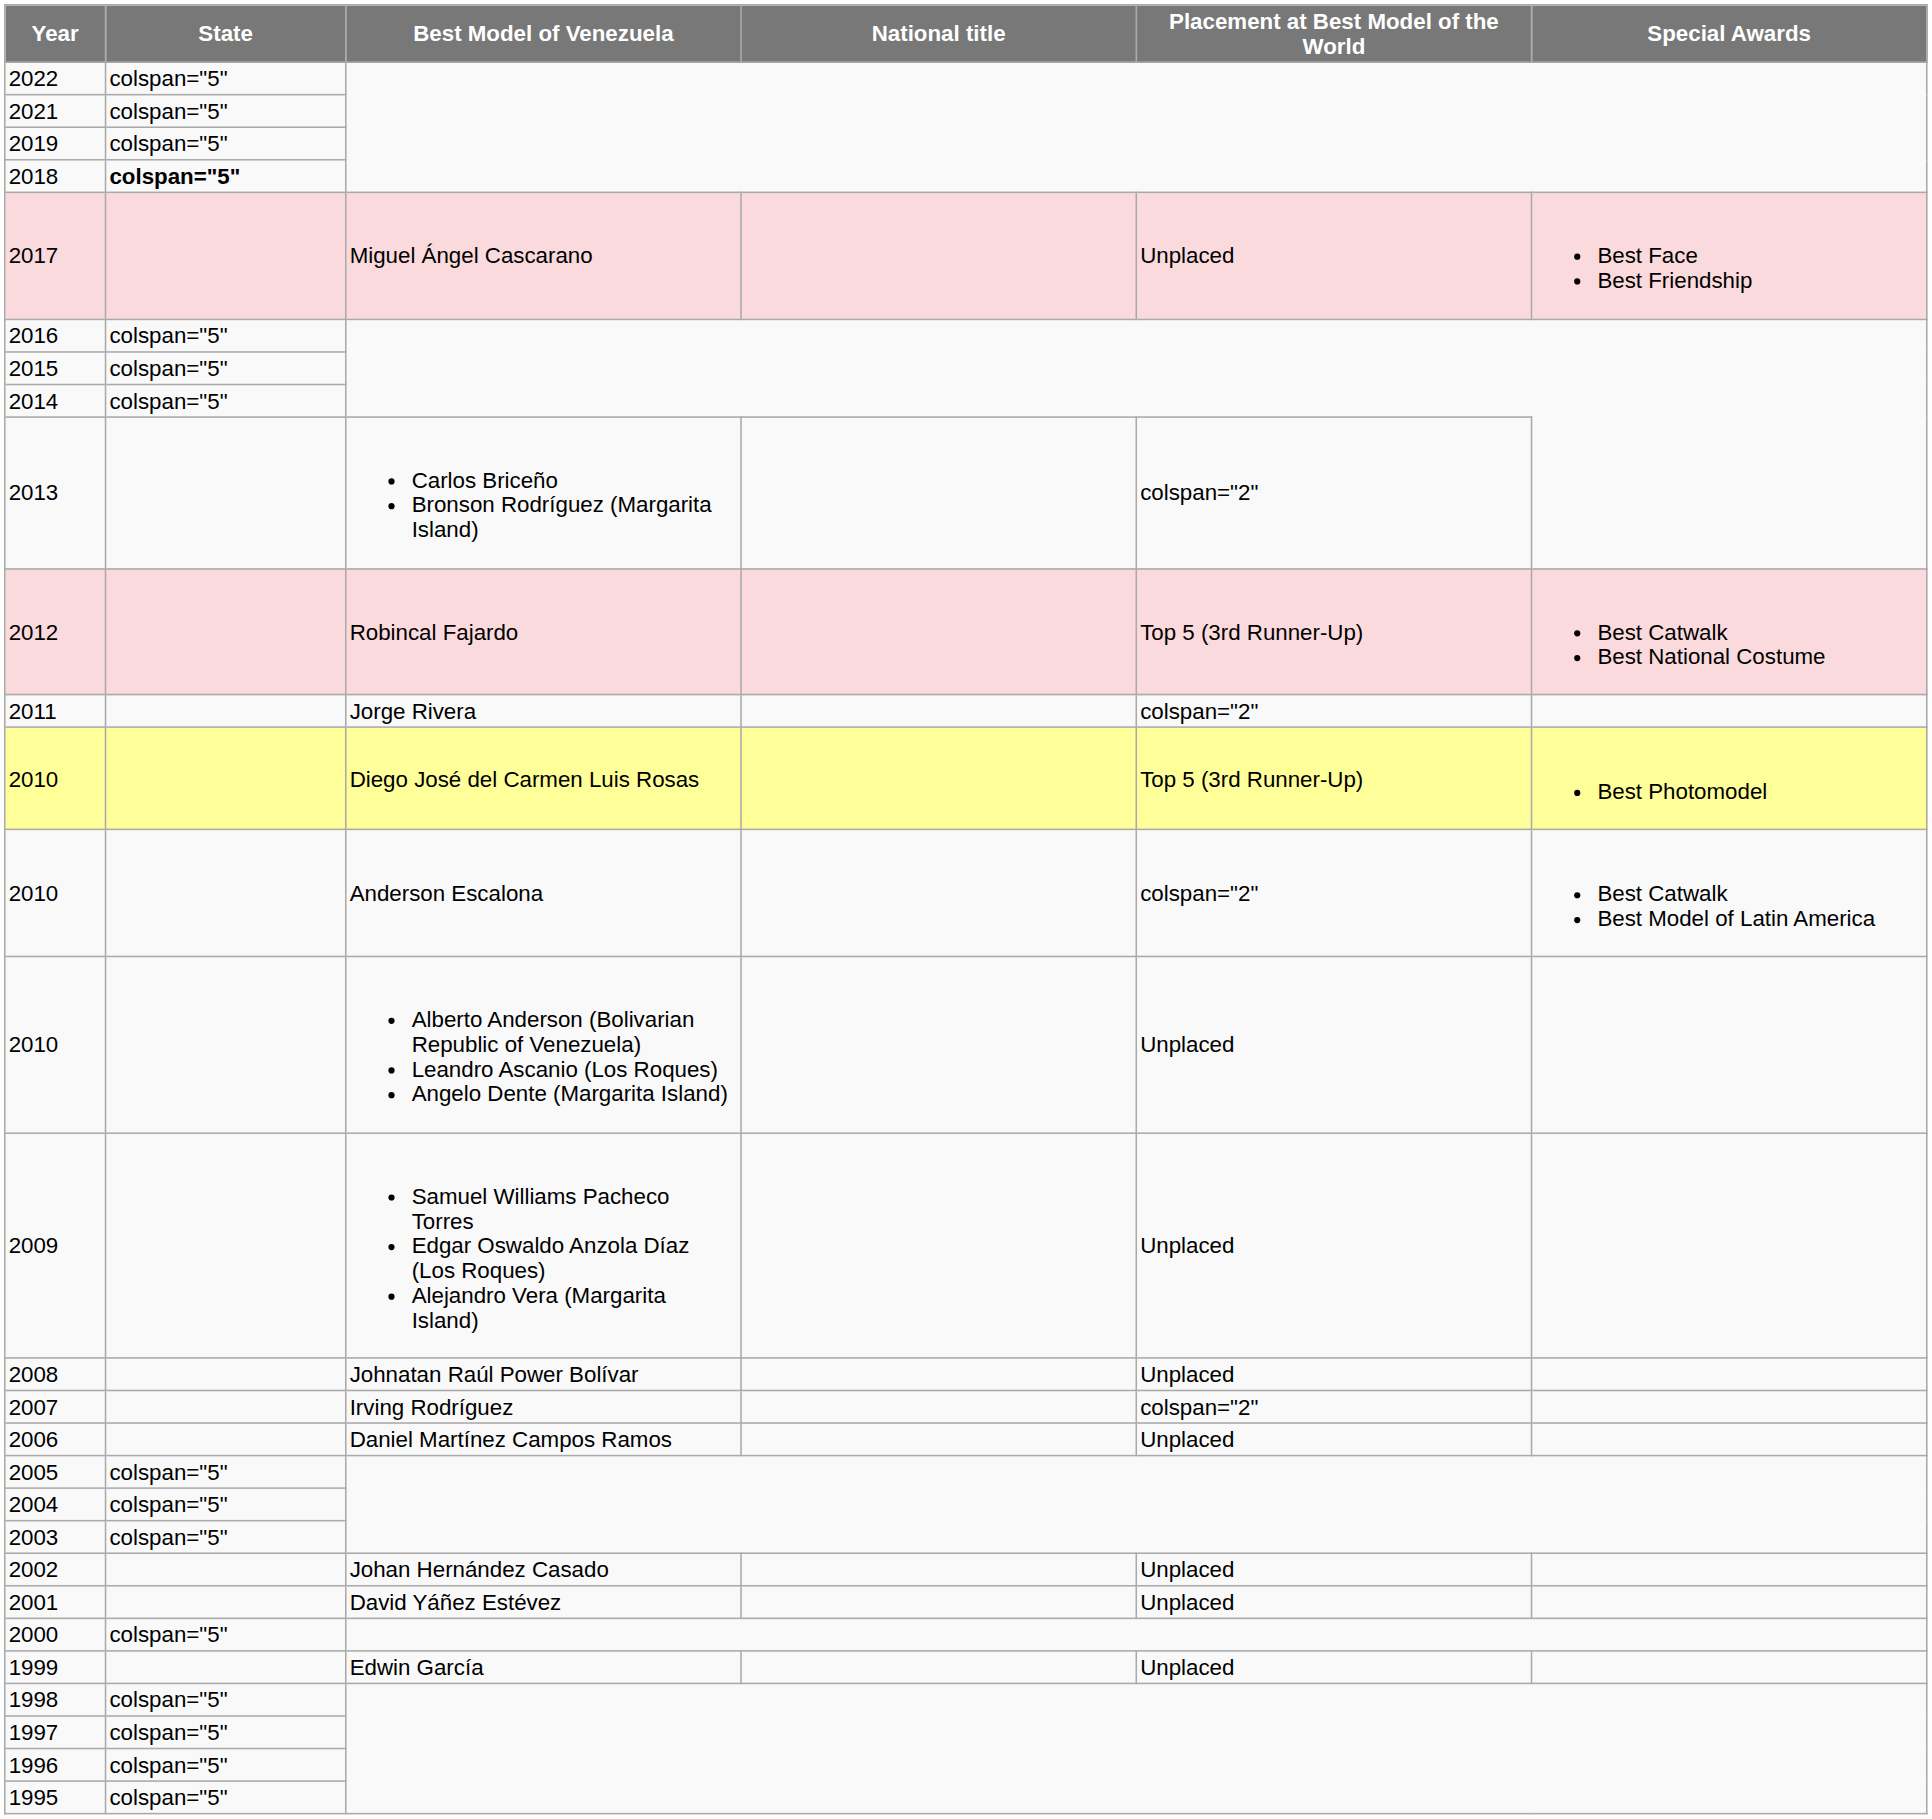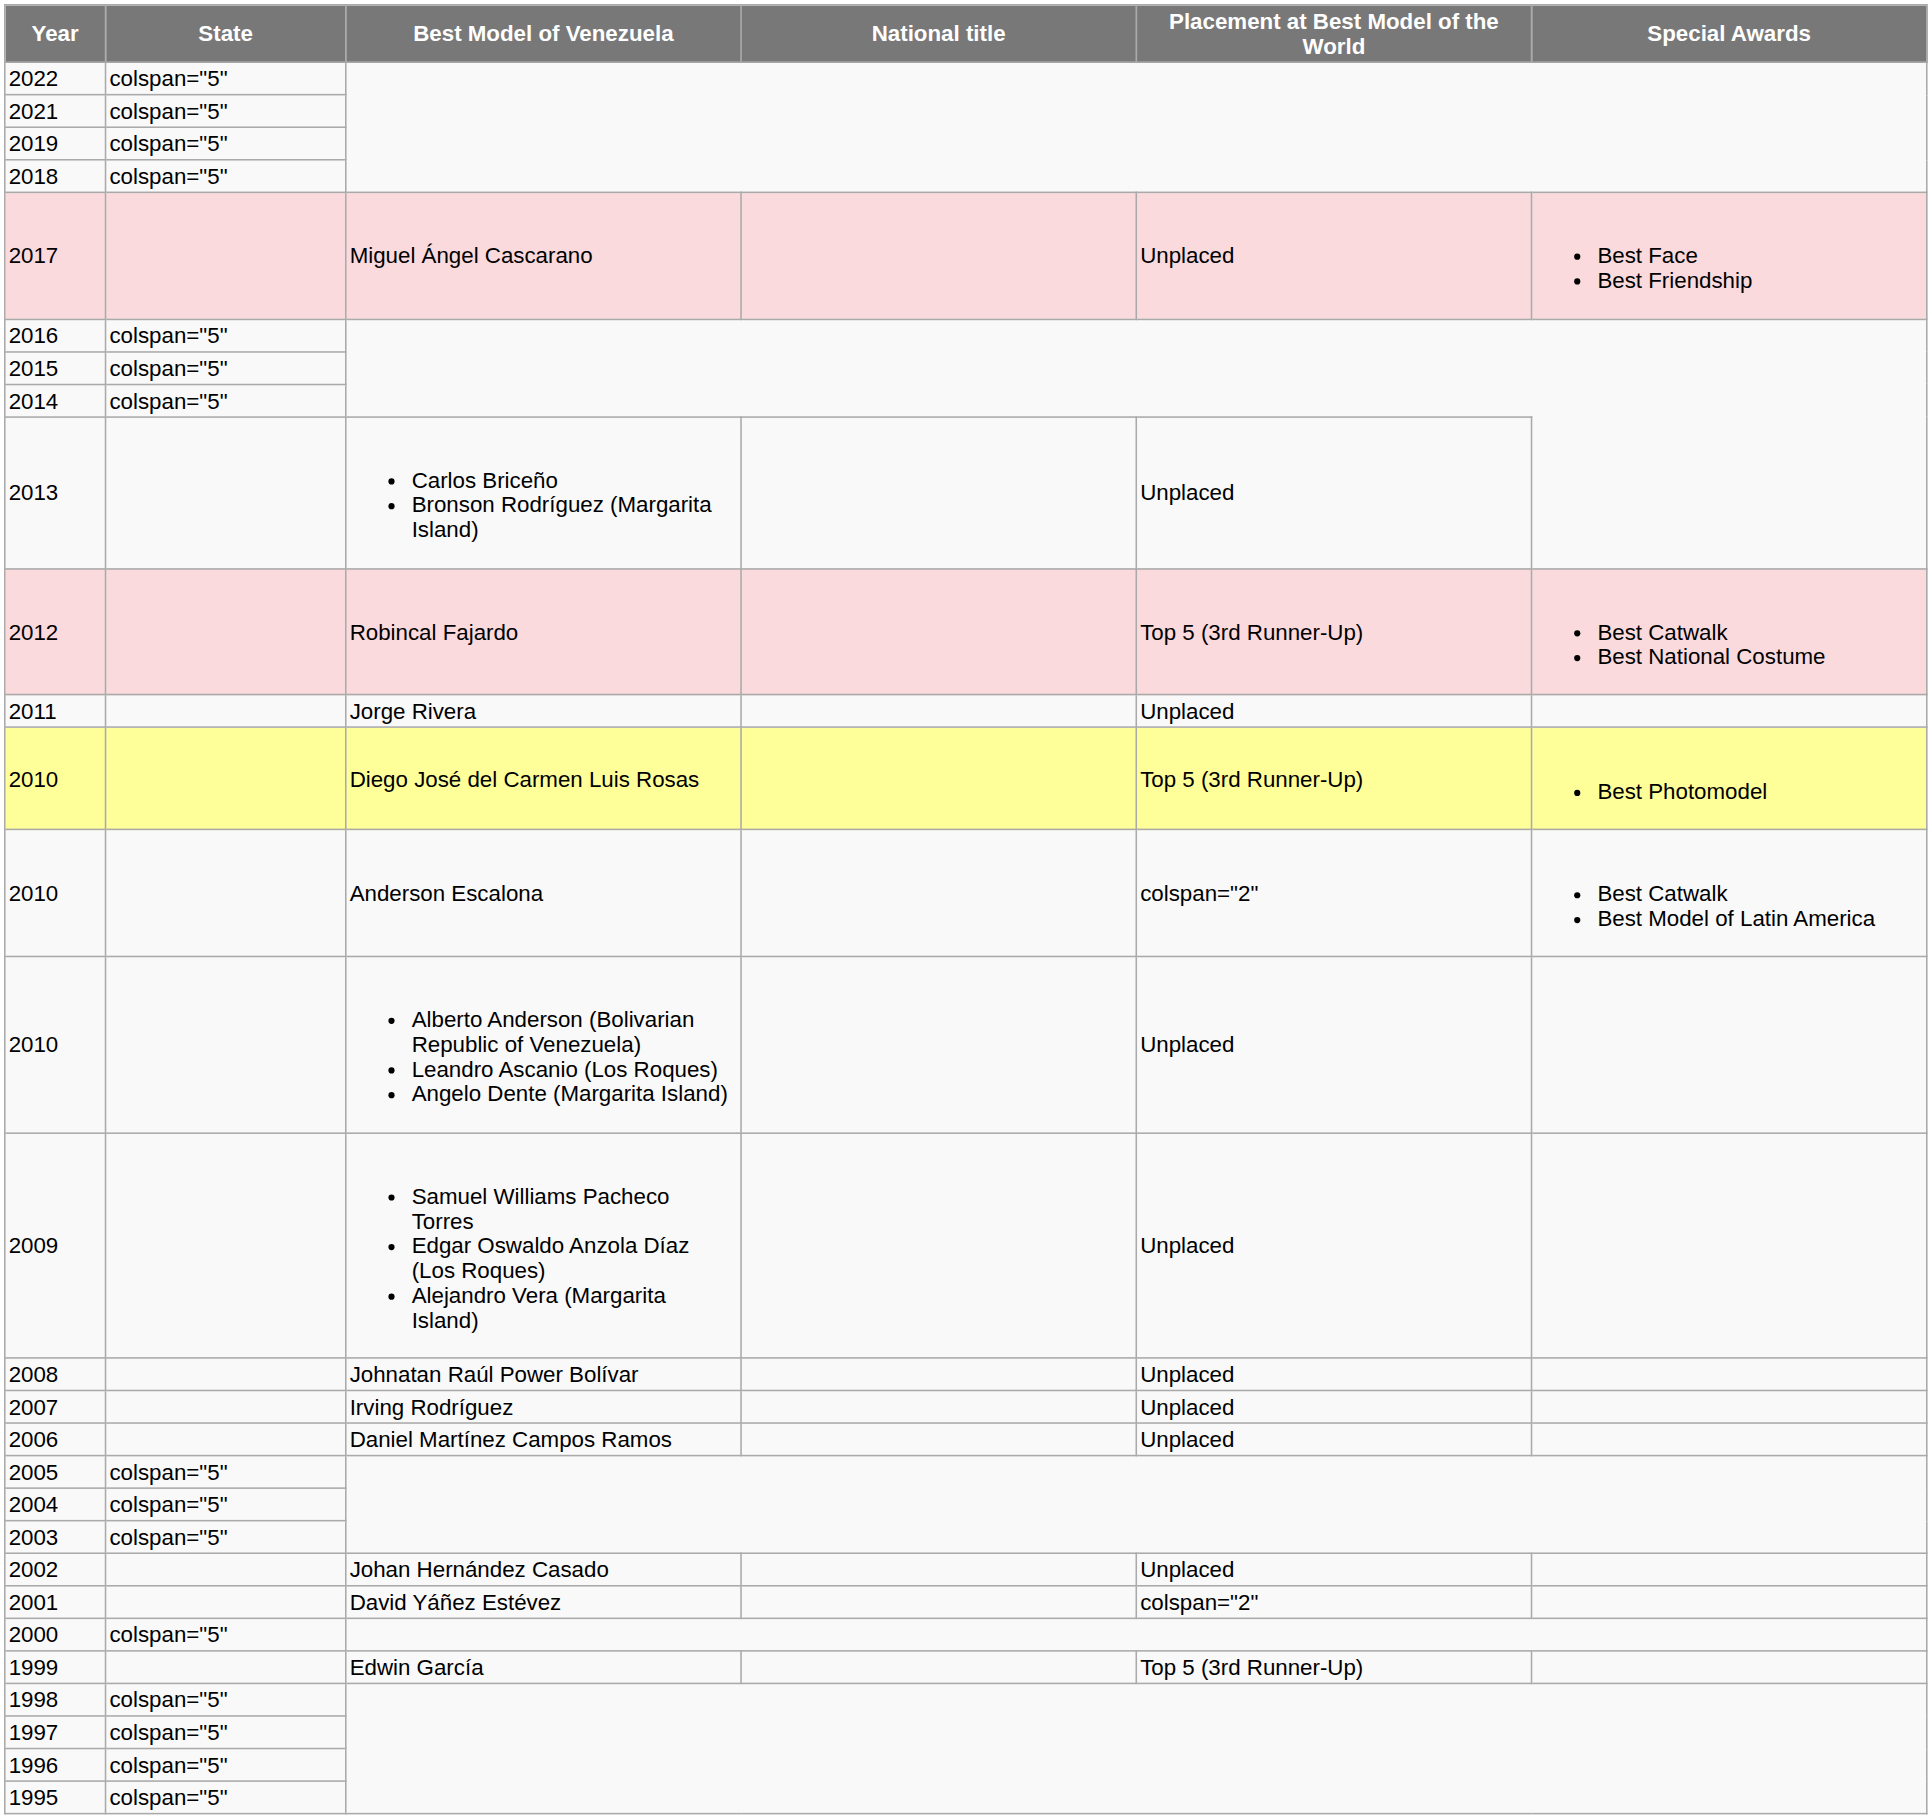 <table class="sortable" border="5" cellpadding="2" cellspacing="0" align=" 0 1em 0 0" style="background: #f9f9f9; border: 1px #aaa solid; border-collapse: collapse; font-size: 90%">
 <tr>
 <th width="60" style="background-color:#787878;color:#FFFFFF;">Year</th>
 <th width="150" style="background-color:#787878;color:#FFFFFF;">State</th>
 <th width="250" style="background-color:#787878;color:#FFFFFF;">Best Model of Venezuela</th>
 <th width="250" style="background-color:#787878;color:#FFFFFF;">National title</th>
 <th width="250" style="background-color:#787878;color:#FFFFFF;">Placement at Best Model of the World</th>
 <th width="250" style="background-color:#787878;color:#FFFFFF;">Special Awards</th>
 </tr>
 <tr>
 <td>2022</td>
 <td>colspan="5" </td>
 </tr>
 <tr>
 <td>2021</td>
 <td>colspan="5" </td>
 </tr>
 <tr>
 <td>2019</td>
 <td>colspan="5" </td>
 </tr>
 <tr>
 <td>2018</td>
-<td><strong>colspan="5" </strong></td>
+<td>colspan="5" </td>
 </tr>
 <tr bgcolor="#FADADD">
 <td>2017</td>
 <td></td>
 <td>Miguel Ángel Cascarano</td>
 <td></td>
 <td>Unplaced</td>
 <td><br><ul><li>Best Face</li><li>Best Friendship</li></ul></td>
 </tr>
 <tr>
 <td>2016</td>
 <td>colspan="5" </td>
 </tr>
 <tr>
 <td>2015</td>
 <td>colspan="5" </td>
 </tr>
 <tr>
 <td>2014</td>
 <td>colspan="5" </td>
 </tr>
 <tr>
 <td>2013</td>
 <td></td>
 <td><br><ul><li>Carlos Briceño</li><li>Bronson Rodríguez (Margarita Island)</li></ul></td>
 <td></td>
-<td>colspan="2" </td>
+<td>Unplaced</td>
 </tr>
 <tr bgcolor="#FADADD">
 <td>2012</td>
 <td></td>
 <td>Robincal Fajardo</td>
 <td></td>
 <td>Top 5 (3rd Runner-Up)</td>
 <td><br><ul><li>Best Catwalk</li><li>Best National Costume</li></ul></td>
 </tr>
 <tr>
 <td>2011</td>
 <td></td>
 <td>Jorge Rivera</td>
 <td></td>
-<td>colspan="2" </td>
+<td>Unplaced</td>
 <td></td>
 </tr>
 <tr bgcolor="#FFFF99">
 <td>2010</td>
 <td></td>
 <td>Diego José del Carmen Luis Rosas</td>
 <td></td>
 <td>Top 5 (3rd Runner-Up)</td>
 <td><br><ul><li>Best Photomodel</li></ul></td>
 </tr>
 <tr>
 <td>2010</td>
 <td></td>
 <td>Anderson Escalona</td>
 <td></td>
 <td>colspan="2" </td>
 <td><br><ul><li>Best Catwalk</li><li>Best Model of Latin America</li></ul></td>
 </tr>
 <tr>
 <td>2010</td>
 <td></td>
 <td><br><ul><li>Alberto Anderson (Bolivarian Republic of Venezuela)</li><li>Leandro Ascanio (Los Roques)</li><li>Angelo Dente (Margarita Island)</li></ul></td>
 <td></td>
 <td>Unplaced</td>
 <td></td>
 </tr>
 <tr>
 <td>2009</td>
 <td></td>
 <td><br><ul><li>Samuel Williams Pacheco Torres</li><li>Edgar Oswaldo Anzola Díaz (Los Roques)</li><li>Alejandro Vera (Margarita Island)</li></ul></td>
 <td></td>
 <td>Unplaced</td>
 <td></td>
 </tr>
 <tr>
 <td>2008</td>
 <td></td>
 <td>Johnatan Raúl Power Bolívar</td>
 <td></td>
 <td>Unplaced</td>
 <td></td>
 </tr>
 <tr>
 <td>2007</td>
 <td></td>
 <td>Irving Rodríguez</td>
 <td></td>
-<td>colspan="2" </td>
+<td>Unplaced</td>
 <td></td>
 </tr>
 <tr>
 <td>2006</td>
 <td></td>
 <td>Daniel Martínez Campos Ramos</td>
 <td></td>
 <td>Unplaced</td>
 <td></td>
 </tr>
 <tr>
 <td>2005</td>
 <td>colspan="5" </td>
 </tr>
 <tr>
 <td>2004</td>
 <td>colspan="5" </td>
 </tr>
 <tr>
 <td>2003</td>
 <td>colspan="5" </td>
 </tr>
 <tr>
 <td>2002</td>
 <td></td>
 <td>Johan Hernández Casado</td>
 <td></td>
 <td>Unplaced</td>
 <td></td>
 </tr>
 <tr>
 <td>2001</td>
 <td></td>
 <td>David Yáñez Estévez</td>
 <td></td>
-<td>Unplaced</td>
+<td>colspan="2" </td>
 <td></td>
 </tr>
 <tr>
 <td>2000</td>
 <td>colspan="5" </td>
 </tr>
 <tr>
 <td>1999</td>
 <td></td>
 <td>Edwin García</td>
 <td></td>
-<td>Unplaced</td>
+<td>Top 5 (3rd Runner-Up)</td>
 <td></td>
 </tr>
 <tr>
 <td>1998</td>
 <td>colspan="5" </td>
 </tr>
 <tr>
 <td>1997</td>
 <td>colspan="5" </td>
 </tr>
 <tr>
 <td>1996</td>
 <td>colspan="5" </td>
 </tr>
 <tr>
 <td>1995</td>
 <td>colspan="5" </td>
 </tr>
 </table>
